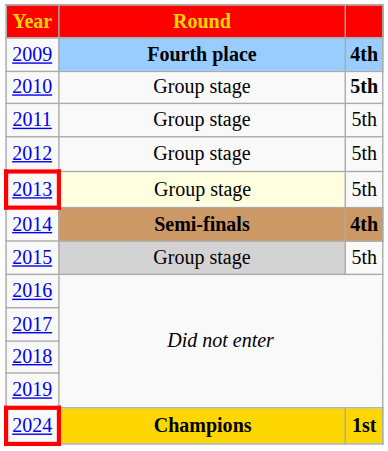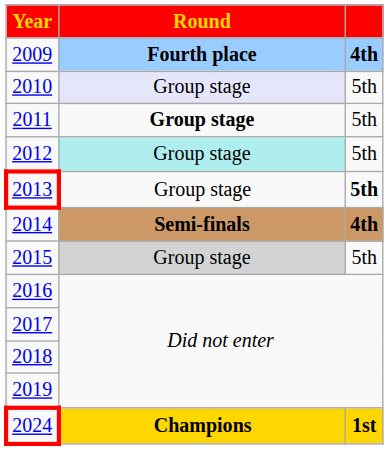 <table class="wikitable" style="text-align: center; font-size:90%">
 <tr style="color:gold;">
 <th style="background:#FF0000;">Year</th>
 <th style="background:#FF0000; width:200px">Round</th>
 <th style="background:#FF0000;"></th>
 </tr>
 <tr>
 <td><a href='#'>2009</a></td>
 <td bgcolor="9acdff"><strong>Fourth place</strong></td>
 <td bgcolor="9acdff"><strong>4th</strong></td>
 </tr>
 <tr>
 <td><a href='#'>2010</a></td>
-<td>Group stage</td>
-<td><strong>5th</strong></td>
+<td style="background: lavender;">Group stage</td>
+<td>5th</td>
 </tr>
 <tr>
 <td><a href='#'>2011</a></td>
-<td>Group stage</td>
+<td><strong>Group stage</strong></td>
 <td>5th</td>
 </tr>
 <tr>
 <td><a href='#'>2012</a></td>
-<td>Group stage</td>
+<td style="background: paleturquoise;">Group stage</td>
 <td>5th</td>
 </tr>
 <tr>
 <td style="border: 3px solid red"><a href='#'>2013</a></td>
-<td style="background: lightyellow;">Group stage</td>
-<td>5th</td>
+<td>Group stage</td>
+<td><strong>5th</strong></td>
 </tr>
 <tr>
 <td><a href='#'>2014</a></td>
 <td bgcolor="cc9966"><strong>Semi-finals</strong></td>
 <td bgcolor="cc9966"><strong>4th</strong></td>
 </tr>
 <tr>
 <td><a href='#'>2015</a></td>
 <td style="background: lightgrey;">Group stage</td>
 <td>5th</td>
 </tr>
 <tr>
 <td><a href='#'>2016</a></td>
 <td colspan="2" rowspan="4"><em>Did not enter</em></td>
 </tr>
 <tr>
 <td><a href='#'>2017</a></td>
 </tr>
 <tr>
 <td><a href='#'>2018</a></td>
 </tr>
 <tr>
 <td><a href='#'>2019</a></td>
 </tr>
 <tr>
 <td style="border: 3px solid red"><a href='#'>2024</a></td>
 <td bgcolor="Gold"><strong>Champions</strong></td>
 <td bgcolor="Gold"><strong>1st</strong></td>
 </tr>
 </table>
